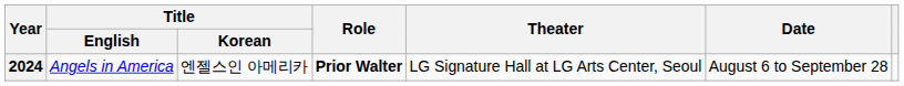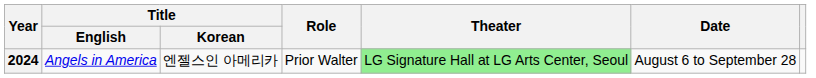 <table class="wikitable plainrowheaders sortable" style="text-align:left; font-size:100%">
 <tr>
 <th rowspan="2" scope="col">Year</th>
 <th colspan="2" scope="col">Title</th>
 <th rowspan="2" scope="col">Role</th>
 <th rowspan="2" scope="col">Theater</th>
 <th rowspan="2" scope="col">Date</th>
 <th rowspan="2" scope="col" class="unsortable"></th>
 </tr>
 <tr>
 <th>English</th>
 <th>Korean</th>
 </tr>
 <tr>
 <th scope="row">2024</th>
 <td><em><a href='#'>Angels in America</a></em></td>
 <td>엔젤스인 아메리카</td>
-<td><strong>Prior Walter</strong></td>
-<td>LG Signature Hall at LG Arts Center, Seoul</td>
+<td>Prior Walter</td>
+<td style="background: lightgreen;">LG Signature Hall at LG Arts Center, Seoul</td>
 <td>August 6 to September 28</td>
 <td></td>
 </tr>
 </table>
